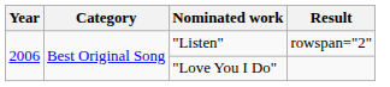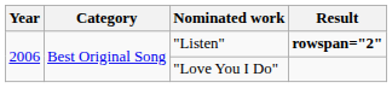 <table class="wikitable" style="font-size:90%;">
 <tr style="background:#ccc; text-align:center;">
 <th>Year</th>
 <th>Category</th>
 <th>Nominated work</th>
 <th>Result</th>
 </tr>
 <tr>
 <td rowspan="2"><a href='#'>2006</a></td>
 <td rowspan="2"><a href='#'>Best Original Song</a></td>
 <td>"Listen"</td>
-<td>rowspan="2" </td>
+<td><strong>rowspan="2" </strong></td>
 </tr>
 <tr>
 <td>"Love You I Do"</td>
 </tr>
 </table>
